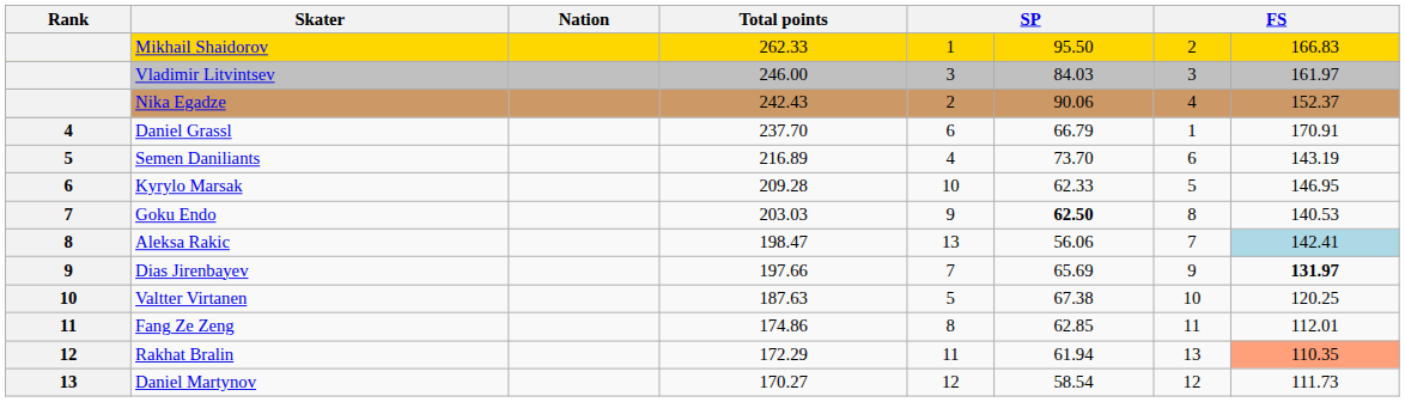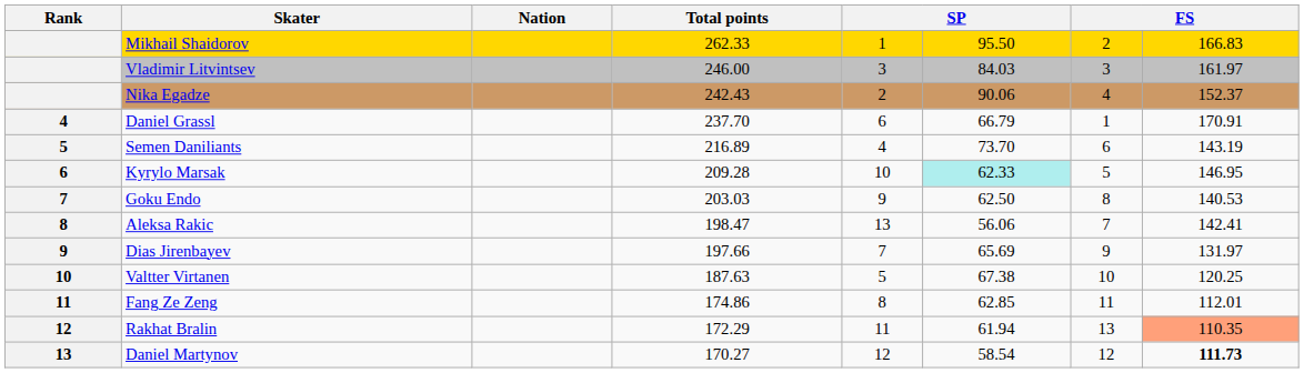 <table class="wikitable sortable" style="text-align:center;" width="80%">
 <tr>
 <th scope="col">Rank</th>
 <th scope="col">Skater</th>
 <th scope="col">Nation</th>
 <th scope="col">Total points</th>
 <th scope="col" colspan="2" width="80px"><a href='#'>SP</a></th>
 <th scope="col" colspan="2" width="80px"><a href='#'>FS</a></th>
 </tr>
 <tr bgcolor="gold">
 <th scope="row"></th>
 <td align="left"><a href='#'>Mikhail Shaidorov</a></td>
 <td align="left"></td>
 <td>262.33</td>
 <td>1</td>
 <td>95.50</td>
 <td>2</td>
 <td>166.83</td>
 </tr>
 <tr bgcolor="silver">
 <th scope="row"></th>
 <td align="left"><a href='#'>Vladimir Litvintsev</a></td>
 <td align="left"></td>
 <td>246.00</td>
 <td>3</td>
 <td>84.03</td>
 <td>3</td>
 <td>161.97</td>
 </tr>
 <tr bgcolor="cc9966">
 <th scope="row"></th>
 <td align="left"><a href='#'>Nika Egadze</a></td>
 <td align="left"></td>
 <td>242.43</td>
 <td>2</td>
 <td>90.06</td>
 <td>4</td>
 <td>152.37</td>
 </tr>
 <tr>
 <th scope="row">4</th>
 <td align="left"><a href='#'>Daniel Grassl</a></td>
 <td align="left"></td>
 <td>237.70</td>
 <td>6</td>
 <td>66.79</td>
 <td>1</td>
 <td>170.91</td>
 </tr>
 <tr>
 <th scope="row">5</th>
 <td align="left"><a href='#'>Semen Daniliants</a></td>
 <td align="left"></td>
 <td>216.89</td>
 <td>4</td>
 <td>73.70</td>
 <td>6</td>
 <td>143.19</td>
 </tr>
 <tr>
 <th scope="row">6</th>
 <td align="left"><a href='#'>Kyrylo Marsak</a></td>
 <td align="left"></td>
 <td>209.28</td>
 <td>10</td>
-<td>62.33</td>
+<td style="background: paleturquoise;">62.33</td>
 <td>5</td>
 <td>146.95</td>
 </tr>
 <tr>
 <th scope="row">7</th>
 <td align="left"><a href='#'>Goku Endo</a></td>
 <td align="left"></td>
 <td>203.03</td>
 <td>9</td>
-<td><strong>62.50</strong></td>
+<td>62.50</td>
 <td>8</td>
 <td>140.53</td>
 </tr>
 <tr>
 <th scope="row">8</th>
 <td align="left"><a href='#'>Aleksa Rakic</a></td>
 <td align="left"></td>
 <td>198.47</td>
 <td>13</td>
 <td>56.06</td>
 <td>7</td>
-<td style="background: lightblue;">142.41</td>
+<td>142.41</td>
 </tr>
 <tr>
 <th scope="row">9</th>
 <td align="left"><a href='#'>Dias Jirenbayev</a></td>
 <td align="left"></td>
 <td>197.66</td>
 <td>7</td>
 <td>65.69</td>
 <td>9</td>
-<td><strong>131.97</strong></td>
+<td>131.97</td>
 </tr>
 <tr>
 <th scope="row">10</th>
 <td align="left"><a href='#'>Valtter Virtanen</a></td>
 <td align="left"></td>
 <td>187.63</td>
 <td>5</td>
 <td>67.38</td>
 <td>10</td>
 <td>120.25</td>
 </tr>
 <tr>
 <th scope="row">11</th>
 <td align="left"><a href='#'>Fang Ze Zeng</a></td>
 <td align="left"></td>
 <td>174.86</td>
 <td>8</td>
 <td>62.85</td>
 <td>11</td>
 <td>112.01</td>
 </tr>
 <tr>
 <th scope="row">12</th>
 <td align="left"><a href='#'>Rakhat Bralin</a></td>
 <td align="left"></td>
 <td>172.29</td>
 <td>11</td>
 <td>61.94</td>
 <td>13</td>
 <td style="background: lightsalmon;">110.35</td>
 </tr>
 <tr>
 <th scope="row">13</th>
 <td align="left"><a href='#'>Daniel Martynov</a></td>
 <td align="left"></td>
 <td>170.27</td>
 <td>12</td>
 <td>58.54</td>
 <td>12</td>
-<td>111.73</td>
+<td><strong>111.73</strong></td>
 </tr>
 </table>
